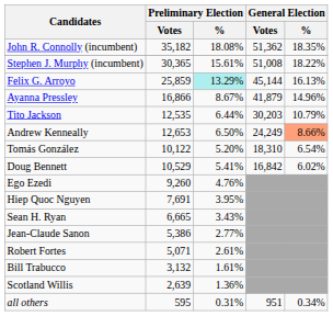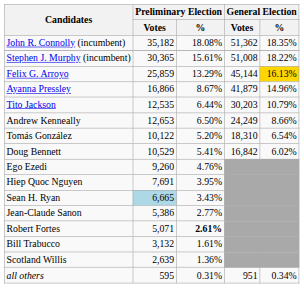 <table class=wikitable>
 <tr>
 <th colspan=1 rowspan=2><strong>Candidates</strong></th>
 <th colspan=2><strong>Preliminary Election</strong></th>
 <th colspan=2><strong>General Election</strong></th>
 </tr>
 <tr>
 <th>Votes</th>
 <th>%</th>
 <th>Votes</th>
 <th>%</th>
 </tr>
 <tr>
 <td><a href='#'>John R. Connolly</a> (incumbent)</td>
 <td align="right">35,182</td>
 <td align="right">18.08%</td>
 <td align="right">51,362</td>
 <td align="right">18.35%</td>
 </tr>
 <tr>
 </tr>
 <tr>
 <td><a href='#'>Stephen J. Murphy</a> (incumbent)</td>
 <td align="right">30,365</td>
 <td align="right">15.61%</td>
 <td align="right">51,008</td>
 <td align="right">18.22%</td>
 </tr>
 <tr>
 <td><a href='#'>Felix G. Arroyo</a></td>
 <td align="right">25,859</td>
-<td align="right" style="background: paleturquoise;">13.29%</td>
+<td align="right">13.29%</td>
 <td align="right">45,144</td>
-<td align="right">16.13%</td>
+<td align="right" style="background: gold;">16.13%</td>
 </tr>
 <tr>
 <td><a href='#'>Ayanna Pressley</a></td>
 <td align="right">16,866</td>
 <td align="right">8.67%</td>
 <td align="right">41,879</td>
 <td align="right">14.96%</td>
 </tr>
 <tr>
 <td><a href='#'>Tito Jackson</a></td>
 <td align="right">12,535</td>
 <td align="right">6.44%</td>
 <td align="right">30,203</td>
 <td align="right">10.79%</td>
 </tr>
 <tr>
 <td>Andrew Kenneally</td>
 <td align="right">12,653</td>
 <td align="right">6.50%</td>
 <td align="right">24,249</td>
-<td align="right" style="background: lightsalmon;">8.66%</td>
+<td align="right">8.66%</td>
 </tr>
 <tr>
 <td>Tomás González</td>
 <td align="right">10,122</td>
 <td align="right">5.20%</td>
 <td align="right">18,310</td>
 <td align="right">6.54%</td>
 </tr>
 <tr>
 <td>Doug Bennett</td>
 <td align="right">10,529</td>
 <td align="right">5.41%</td>
 <td align="right">16,842</td>
 <td align="right">6.02%</td>
 </tr>
 <tr>
 <td>Ego Ezedi</td>
 <td align="right">9,260</td>
 <td align="right">4.76%</td>
 <td colspan=2 bgcolor=darkgray></td>
 </tr>
 <tr>
 <td>Hiep Quoc Nguyen</td>
 <td align="right">7,691</td>
 <td align="right">3.95%</td>
 <td colspan=2 bgcolor=darkgray></td>
 </tr>
 <tr>
 <td>Sean H. Ryan</td>
-<td align="right">6,665</td>
+<td align="right" style="background: lightblue;">6,665</td>
 <td align="right">3.43%</td>
 <td colspan=2 bgcolor=darkgray></td>
 </tr>
 <tr>
 <td>Jean-Claude Sanon</td>
 <td align="right">5,386</td>
 <td align="right">2.77%</td>
 <td colspan=2 bgcolor=darkgray></td>
 </tr>
 <tr>
 <td>Robert Fortes</td>
 <td align="right">5,071</td>
-<td align="right">2.61%</td>
+<td align="right"><strong>2.61%</strong></td>
 <td colspan=2 bgcolor=darkgray></td>
 </tr>
 <tr>
 <td>Bill Trabucco</td>
 <td align="right">3,132</td>
 <td align="right">1.61%</td>
 <td colspan=2 bgcolor=darkgray></td>
 </tr>
 <tr>
 <td>Scotland Willis</td>
 <td align="right">2,639</td>
 <td align="right">1.36%</td>
 <td colspan=2 bgcolor=darkgray></td>
 </tr>
 <tr>
 <td><em>all others</em></td>
 <td align="right">595</td>
 <td align="right">0.31%</td>
 <td align="right">951</td>
 <td align="right">0.34%</td>
 </tr>
 </table>
